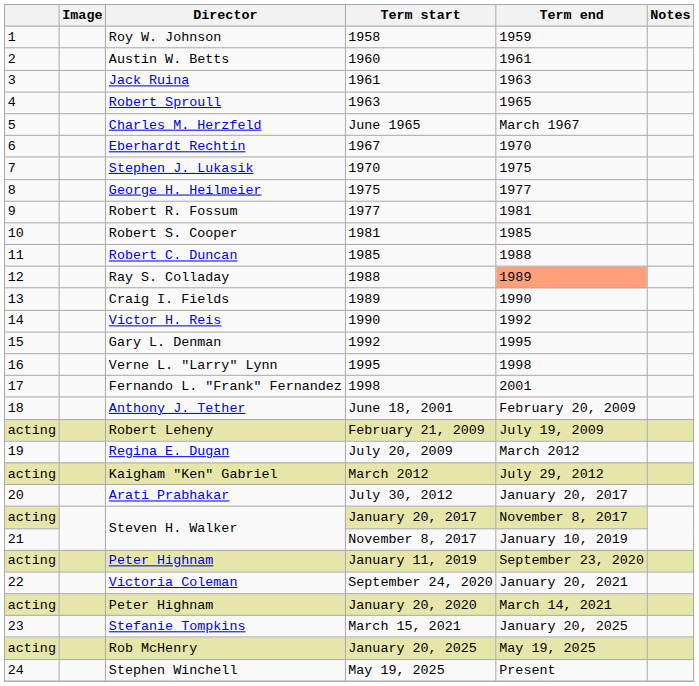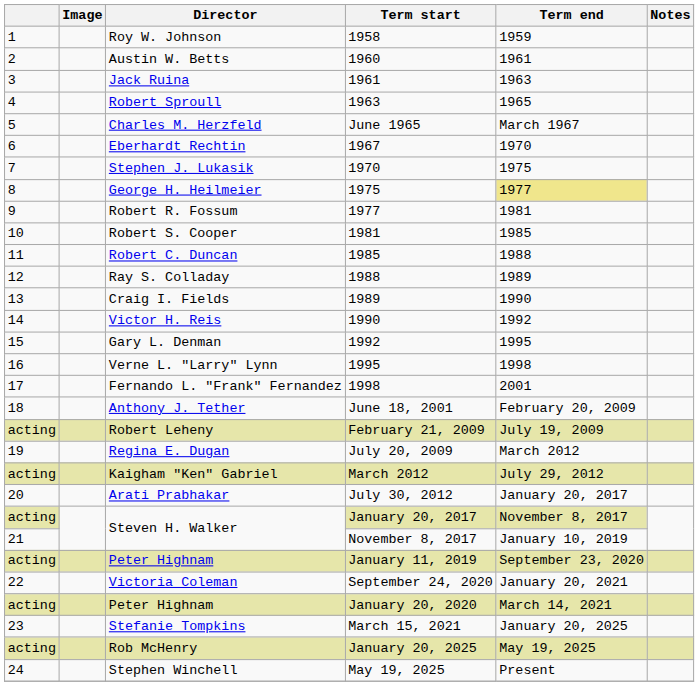 <table class="wikitable">
 <tr>
 <th></th>
 <th>Image</th>
 <th>Director</th>
 <th>Term start</th>
 <th>Term end</th>
 <th>Notes</th>
 </tr>
 <tr>
 <td>1</td>
 <td></td>
 <td>Roy W. Johnson</td>
 <td>1958</td>
 <td>1959</td>
 <td></td>
 </tr>
 <tr>
 <td>2</td>
 <td></td>
 <td>Austin W. Betts</td>
 <td>1960</td>
 <td>1961</td>
 <td></td>
 </tr>
 <tr>
 <td>3</td>
 <td></td>
 <td><a href='#'>Jack Ruina</a></td>
 <td>1961</td>
 <td>1963</td>
 <td></td>
 </tr>
 <tr>
 <td>4</td>
 <td></td>
 <td><a href='#'>Robert Sproull</a></td>
 <td>1963</td>
 <td>1965</td>
 <td></td>
 </tr>
 <tr>
 <td>5</td>
 <td></td>
 <td><a href='#'>Charles M. Herzfeld</a></td>
 <td>June 1965</td>
 <td>March 1967</td>
 <td></td>
 </tr>
 <tr>
 <td>6</td>
 <td></td>
 <td><a href='#'>Eberhardt Rechtin</a></td>
 <td>1967</td>
 <td>1970</td>
 <td></td>
 </tr>
 <tr>
 <td>7</td>
 <td></td>
 <td><a href='#'>Stephen J. Lukasik</a></td>
 <td>1970</td>
 <td>1975</td>
 <td></td>
 </tr>
 <tr>
 <td>8</td>
 <td></td>
 <td><a href='#'>George H. Heilmeier</a></td>
 <td>1975</td>
-<td>1977</td>
+<td style="background: khaki;">1977</td>
 <td></td>
 </tr>
 <tr>
 <td>9</td>
 <td></td>
 <td>Robert R. Fossum</td>
 <td>1977</td>
 <td>1981</td>
 <td></td>
 </tr>
 <tr>
 <td>10</td>
 <td></td>
 <td>Robert S. Cooper</td>
 <td>1981</td>
 <td>1985</td>
 <td></td>
 </tr>
 <tr>
 <td>11</td>
 <td></td>
 <td><a href='#'>Robert C. Duncan</a></td>
 <td>1985</td>
 <td>1988</td>
 <td></td>
 </tr>
 <tr>
 <td>12</td>
 <td></td>
 <td>Ray S. Colladay</td>
 <td>1988</td>
-<td style="background: lightsalmon;">1989</td>
+<td>1989</td>
 <td></td>
 </tr>
 <tr>
 <td>13</td>
 <td></td>
 <td>Craig I. Fields</td>
 <td>1989</td>
 <td>1990</td>
 <td></td>
 </tr>
 <tr>
 <td>14</td>
 <td></td>
 <td><a href='#'>Victor H. Reis</a></td>
 <td>1990</td>
 <td>1992</td>
 <td></td>
 </tr>
 <tr>
 <td>15</td>
 <td></td>
 <td>Gary L. Denman</td>
 <td>1992</td>
 <td>1995</td>
 <td></td>
 </tr>
 <tr>
 <td>16</td>
 <td></td>
 <td>Verne L. "Larry" Lynn</td>
 <td>1995</td>
 <td>1998</td>
 <td></td>
 </tr>
 <tr>
 <td>17</td>
 <td></td>
 <td>Fernando L. "Frank" Fernandez</td>
 <td>1998</td>
 <td>2001</td>
 <td></td>
 </tr>
 <tr>
 <td>18</td>
 <td></td>
 <td><a href='#'>Anthony J. Tether</a></td>
 <td>June 18, 2001</td>
 <td>February 20, 2009</td>
 <td></td>
 </tr>
 <tr bgcolor="#e6e6aa">
 <td>acting</td>
 <td></td>
 <td>Robert Leheny</td>
 <td>February 21, 2009</td>
 <td>July 19, 2009</td>
 <td></td>
 </tr>
 <tr>
 <td>19</td>
 <td></td>
 <td><a href='#'>Regina E. Dugan</a></td>
 <td>July 20, 2009</td>
 <td>March 2012</td>
 <td></td>
 </tr>
 <tr bgcolor="#e6e6aa">
 <td>acting</td>
 <td></td>
 <td>Kaigham "Ken" Gabriel</td>
 <td>March 2012</td>
 <td>July 29, 2012</td>
 <td></td>
 </tr>
 <tr>
 <td>20</td>
 <td></td>
 <td><a href='#'>Arati Prabhakar</a></td>
 <td>July 30, 2012</td>
 <td>January 20, 2017</td>
 <td></td>
 </tr>
 <tr>
 <td bgcolor="#e6e6aa">acting</td>
 <td rowspan="2"></td>
 <td rowspan="2">Steven H. Walker</td>
 <td bgcolor="#e6e6aa">January 20, 2017</td>
 <td bgcolor="#e6e6aa">November 8, 2017</td>
 <td rowspan="2"></td>
 </tr>
 <tr>
 <td>21</td>
 <td>November 8, 2017</td>
 <td>January 10, 2019</td>
 </tr>
 <tr bgcolor="#e6e6aa">
 <td>acting</td>
 <td></td>
 <td><a href='#'>Peter Highnam</a></td>
 <td>January 11, 2019</td>
 <td nowrap>September 23, 2020</td>
 <td></td>
 </tr>
 <tr>
 <td>22</td>
 <td></td>
 <td><a href='#'>Victoria Coleman</a></td>
 <td nowrap>September 24, 2020</td>
 <td>January 20, 2021</td>
 <td></td>
 </tr>
 <tr bgcolor="#e6e6aa">
 <td>acting</td>
 <td></td>
 <td>Peter Highnam</td>
 <td>January 20, 2020</td>
 <td>March 14, 2021</td>
 <td></td>
 </tr>
 <tr>
 <td>23</td>
 <td></td>
 <td><a href='#'>Stefanie Tompkins</a></td>
 <td>March 15, 2021</td>
 <td>January 20, 2025</td>
 <td></td>
 </tr>
 <tr bgcolor="#e6e6aa">
 <td>acting</td>
 <td></td>
 <td>Rob McHenry</td>
 <td>January 20, 2025</td>
 <td>May 19, 2025</td>
 <td></td>
 </tr>
 <tr>
 <td>24</td>
 <td></td>
 <td>Stephen Winchell</td>
 <td>May 19, 2025</td>
 <td>Present</td>
 <td></td>
 </tr>
 <tr>
 </tr>
 </table>
